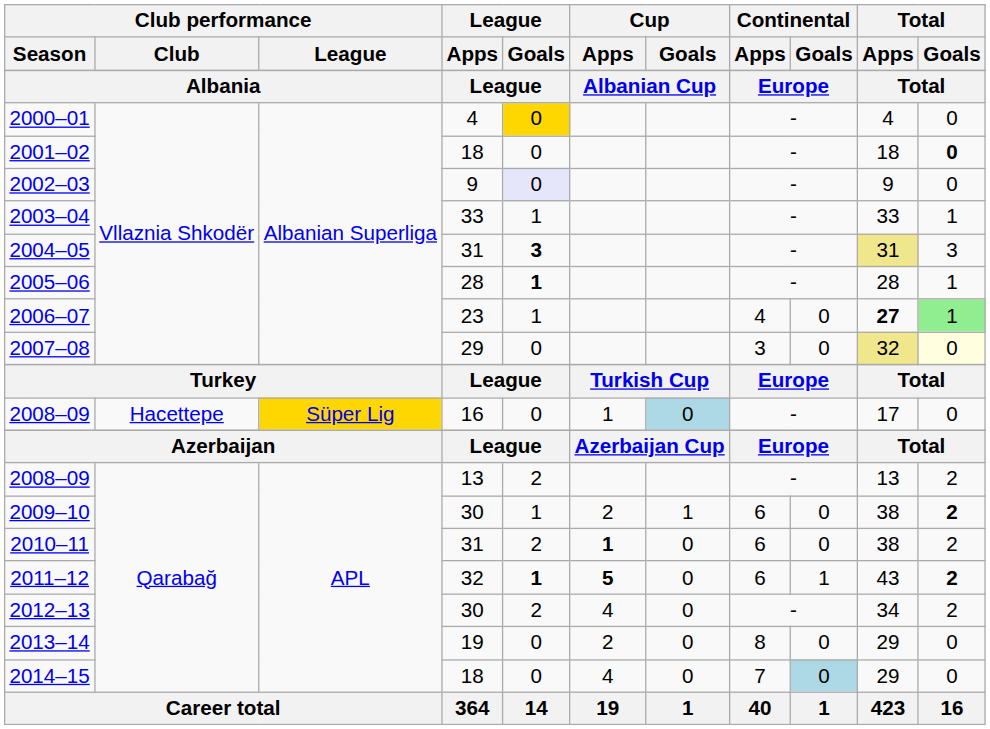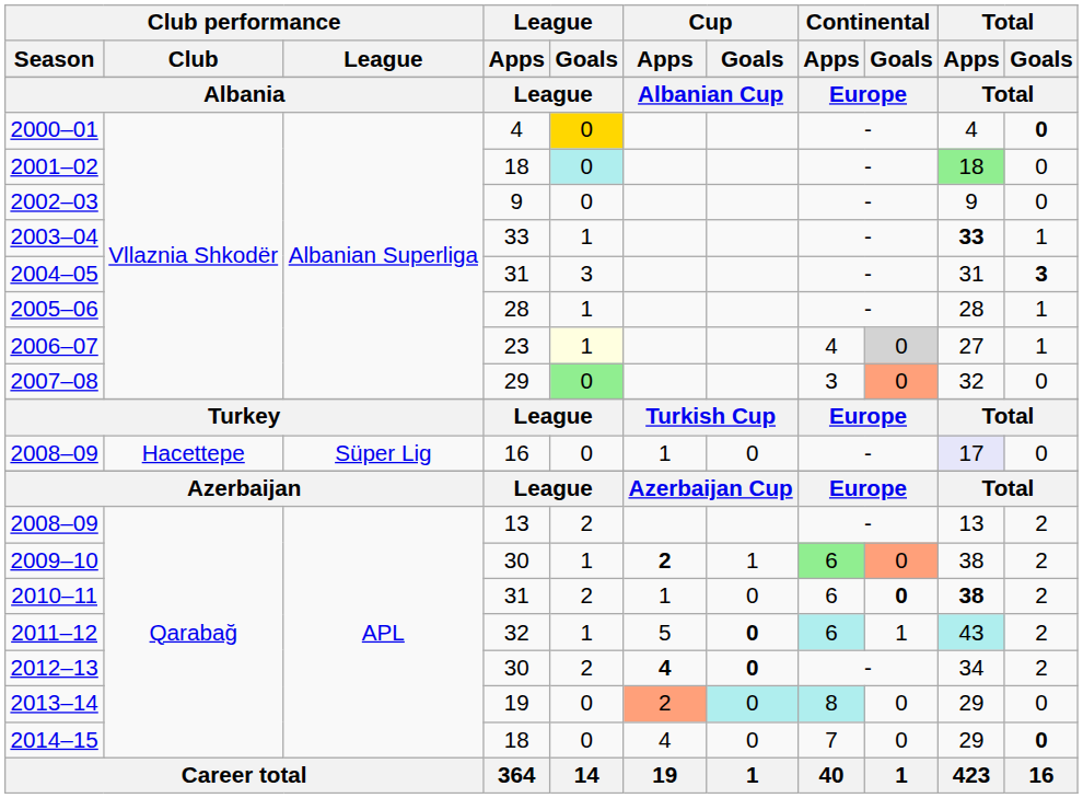 <table class="wikitable" style="text-align:center">
 <tr>
 <th colspan=3>Club performance</th>
 <th colspan=2>League</th>
 <th colspan=2>Cup</th>
 <th colspan=2>Continental</th>
 <th colspan=2>Total</th>
 </tr>
 <tr>
 <th>Season</th>
 <th>Club</th>
 <th>League</th>
 <th>Apps</th>
 <th>Goals</th>
 <th>Apps</th>
 <th>Goals</th>
 <th>Apps</th>
 <th>Goals</th>
 <th>Apps</th>
 <th>Goals</th>
 </tr>
 <tr>
 </tr>
 <tr>
 <th colspan=3>Albania</th>
 <th colspan=2>League</th>
 <th colspan=2><a href='#'>Albanian Cup</a></th>
 <th colspan=2><a href='#'>Europe</a></th>
 <th colspan=2>Total</th>
 </tr>
 <tr>
 <td><a href='#'>2000–01</a></td>
 <td rowspan="8"><a href='#'>Vllaznia Shkodër</a></td>
 <td rowspan="8"><a href='#'>Albanian Superliga</a></td>
 <td>4</td>
 <td style="background: gold;">0</td>
 <td></td>
 <td></td>
 <td colspan="2">-</td>
 <td>4</td>
-<td>0</td>
+<td><strong>0</strong></td>
 </tr>
 <tr>
 <td><a href='#'>2001–02</a></td>
 <td>18</td>
-<td>0</td>
+<td style="background: paleturquoise;">0</td>
 <td></td>
 <td></td>
 <td colspan="2">-</td>
-<td>18</td>
-<td><strong>0</strong></td>
+<td style="background: lightgreen;">18</td>
+<td>0</td>
 </tr>
 <tr>
 <td><a href='#'>2002–03</a></td>
 <td>9</td>
-<td style="background: lavender;">0</td>
+<td>0</td>
 <td></td>
 <td></td>
 <td colspan="2">-</td>
 <td>9</td>
 <td>0</td>
 </tr>
 <tr>
 <td><a href='#'>2003–04</a></td>
 <td>33</td>
 <td>1</td>
 <td></td>
 <td></td>
 <td colspan="2">-</td>
-<td>33</td>
+<td><strong>33</strong></td>
 <td>1</td>
 </tr>
 <tr>
 <td><a href='#'>2004–05</a></td>
 <td>31</td>
-<td><strong>3</strong></td>
+<td>3</td>
 <td></td>
 <td></td>
 <td colspan="2">-</td>
-<td style="background: khaki;">31</td>
-<td>3</td>
+<td>31</td>
+<td><strong>3</strong></td>
 </tr>
 <tr>
 <td><a href='#'>2005–06</a></td>
 <td>28</td>
-<td><strong>1</strong></td>
+<td>1</td>
 <td></td>
 <td></td>
 <td colspan="2">-</td>
 <td>28</td>
 <td>1</td>
 </tr>
 <tr>
 <td><a href='#'>2006–07</a></td>
 <td>23</td>
-<td>1</td>
+<td style="background: lightyellow;">1</td>
 <td></td>
 <td></td>
 <td>4</td>
-<td>0</td>
-<td><strong>27</strong></td>
-<td style="background: lightgreen;">1</td>
+<td style="background: lightgrey;">0</td>
+<td>27</td>
+<td>1</td>
 </tr>
 <tr>
 <td><a href='#'>2007–08</a></td>
 <td>29</td>
-<td>0</td>
+<td style="background: lightgreen;">0</td>
 <td></td>
 <td></td>
 <td>3</td>
+<td style="background: lightsalmon;">0</td>
+<td>32</td>
 <td>0</td>
-<td style="background: khaki;">32</td>
-<td style="background: lightyellow;">0</td>
 </tr>
 <tr>
 </tr>
 <tr>
 <th colspan=3>Turkey</th>
 <th colspan=2>League</th>
 <th colspan=2><a href='#'>Turkish Cup</a></th>
 <th colspan=2><a href='#'>Europe</a></th>
 <th colspan=2>Total</th>
 </tr>
 <tr>
 <td><a href='#'>2008–09</a></td>
 <td rowspan="1"><a href='#'>Hacettepe</a></td>
-<td rowspan="1" style="background: gold;"><a href='#'>Süper Lig</a></td>
+<td rowspan="1"><a href='#'>Süper Lig</a></td>
 <td>16</td>
 <td>0</td>
 <td>1</td>
-<td style="background: lightblue;">0</td>
+<td>0</td>
 <td colspan="2">-</td>
-<td>17</td>
+<td style="background: lavender;">17</td>
 <td>0</td>
 </tr>
 <tr>
 </tr>
 <tr>
 <th colspan=3>Azerbaijan</th>
 <th colspan=2>League</th>
 <th colspan=2><a href='#'>Azerbaijan Cup</a></th>
 <th colspan=2><a href='#'>Europe</a></th>
 <th colspan=2>Total</th>
 </tr>
 <tr>
 <td><a href='#'>2008–09</a></td>
 <td rowspan="7"><a href='#'>Qarabağ</a></td>
 <td rowspan="7"><a href='#'>APL</a></td>
 <td>13</td>
 <td>2</td>
 <td></td>
 <td></td>
 <td colspan="2">-</td>
 <td>13</td>
 <td>2</td>
 </tr>
 <tr>
 <td><a href='#'>2009–10</a></td>
 <td>30</td>
 <td>1</td>
+<td><strong>2</strong></td>
+<td>1</td>
+<td style="background: lightgreen;">6</td>
+<td style="background: lightsalmon;">0</td>
+<td>38</td>
 <td>2</td>
-<td>1</td>
-<td>6</td>
-<td>0</td>
-<td>38</td>
-<td><strong>2</strong></td>
 </tr>
 <tr>
 <td><a href='#'>2010–11</a></td>
 <td>31</td>
 <td>2</td>
-<td><strong>1</strong></td>
+<td>1</td>
 <td>0</td>
 <td>6</td>
-<td>0</td>
-<td>38</td>
+<td><strong>0</strong></td>
+<td><strong>38</strong></td>
 <td>2</td>
 </tr>
 <tr>
 <td><a href='#'>2011–12</a></td>
 <td>32</td>
-<td><strong>1</strong></td>
-<td><strong>5</strong></td>
-<td>0</td>
-<td>6</td>
 <td>1</td>
-<td>43</td>
-<td><strong>2</strong></td>
+<td>5</td>
+<td><strong>0</strong></td>
+<td style="background: paleturquoise;">6</td>
+<td>1</td>
+<td style="background: paleturquoise;">43</td>
+<td>2</td>
 </tr>
 <tr>
 <td><a href='#'>2012–13</a></td>
 <td>30</td>
 <td>2</td>
-<td>4</td>
-<td>0</td>
+<td><strong>4</strong></td>
+<td><strong>0</strong></td>
 <td colspan="2">-</td>
 <td>34</td>
 <td>2</td>
 </tr>
 <tr>
 <td><a href='#'>2013–14</a></td>
 <td>19</td>
 <td>0</td>
-<td>2</td>
-<td>0</td>
-<td>8</td>
+<td style="background: lightsalmon;">2</td>
+<td style="background: paleturquoise;">0</td>
+<td style="background: paleturquoise;">8</td>
 <td>0</td>
 <td>29</td>
 <td>0</td>
 </tr>
 <tr>
 <td><a href='#'>2014–15</a></td>
 <td>18</td>
 <td>0</td>
 <td>4</td>
 <td>0</td>
 <td>7</td>
-<td style="background: lightblue;">0</td>
+<td>0</td>
 <td>29</td>
-<td>0</td>
+<td><strong>0</strong></td>
 </tr>
 <tr>
 <th colspan=3>Career total</th>
 <th>364</th>
 <th>14</th>
 <th>19</th>
 <th>1</th>
 <th>40</th>
 <th>1</th>
 <th>423</th>
 <th>16</th>
 </tr>
 </table>
